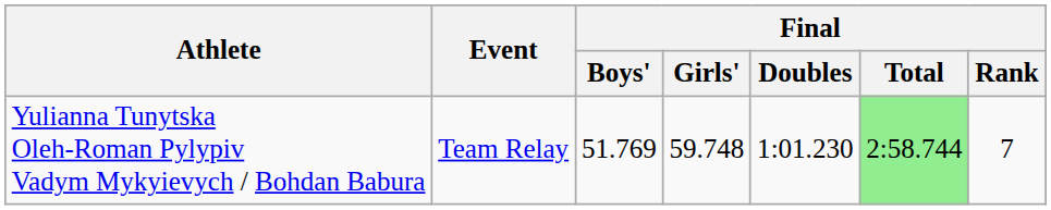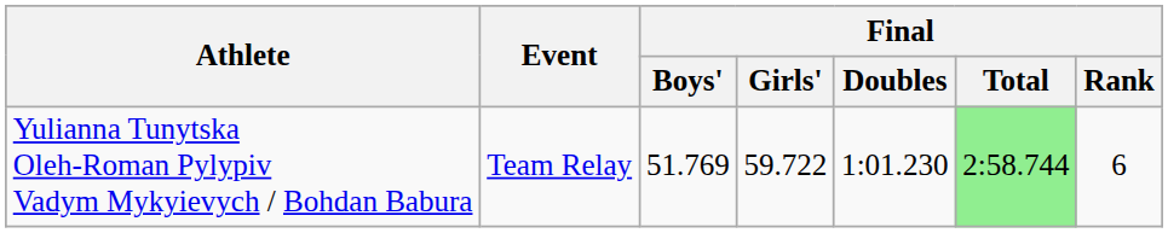 <table class="wikitable" style="font-size:90%">
 <tr>
 <th rowspan="2">Athlete</th>
 <th rowspan="2">Event</th>
 <th colspan="5">Final</th>
 </tr>
 <tr>
 <th>Boys'</th>
 <th>Girls'</th>
 <th>Doubles</th>
 <th>Total</th>
 <th>Rank</th>
 </tr>
 <tr>
 <td><a href='#'>Yulianna Tunytska</a><br><a href='#'>Oleh-Roman Pylypiv</a><br><a href='#'>Vadym Mykyievych</a> / <a href='#'>Bohdan Babura</a></td>
 <td><a href='#'>Team Relay</a></td>
 <td align="center">51.769</td>
-<td align="center">59.748</td>
+<td align="center">59.722</td>
 <td align="center">1:01.230</td>
 <td align="center" style="background: lightgreen;">2:58.744</td>
-<td align="center">7</td>
+<td align="center">6</td>
 </tr>
 </table>
